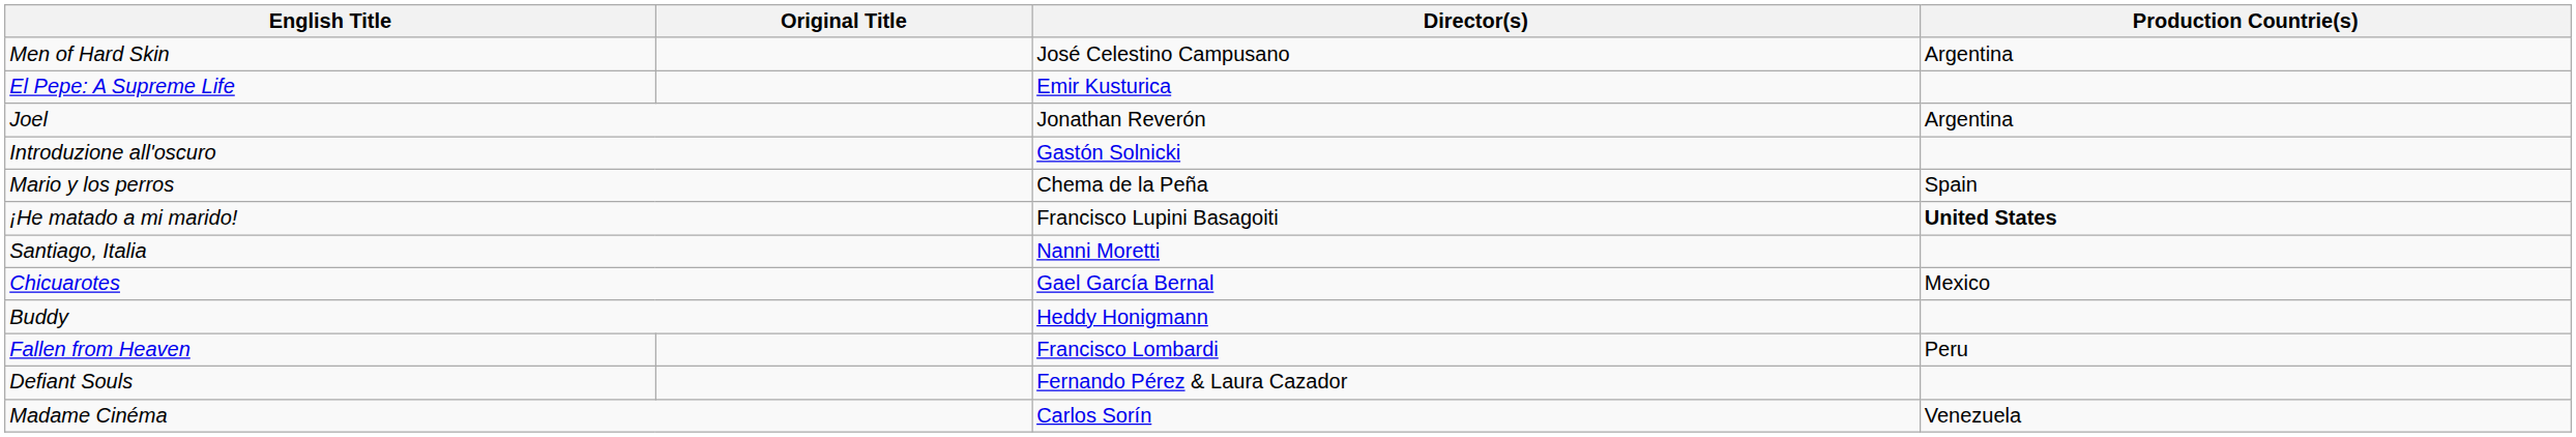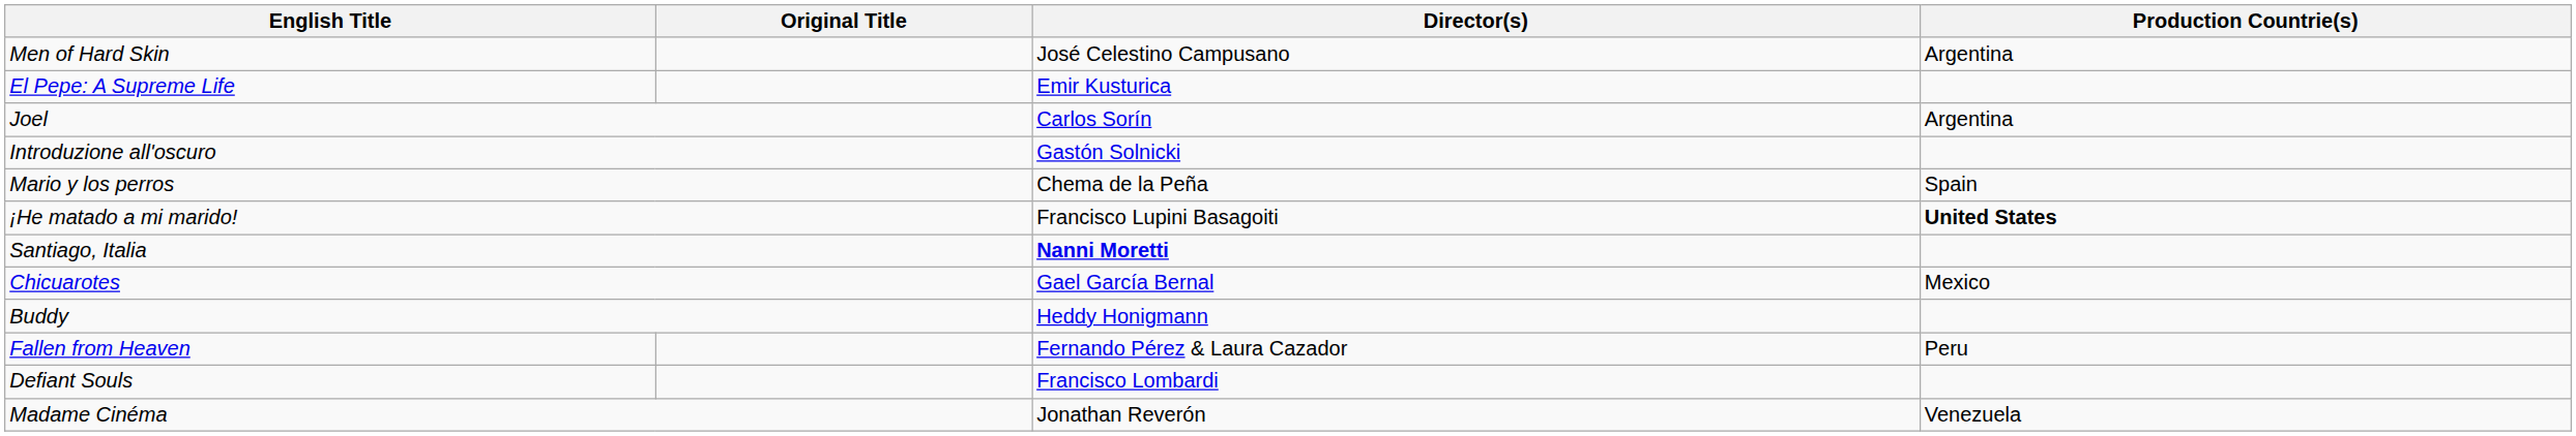 <table class="sortable wikitable" style="width:100%; margin-bottom:4px" cellpadding="5">
 <tr>
 <th scope="col">English Title</th>
 <th scope="col">Original Title</th>
 <th scope="col">Director(s)</th>
 <th scope="col">Production Countrie(s)</th>
 </tr>
 <tr>
 <td><em>Men of Hard Skin</em></td>
 <td></td>
 <td>José Celestino Campusano</td>
 <td>Argentina</td>
 </tr>
 <tr>
 <td><em><a href='#'>El Pepe: A Supreme Life</a></em></td>
 <td></td>
 <td><a href='#'>Emir Kusturica</a></td>
 <td></td>
 </tr>
 <tr>
 <td colspan = "2"><em>Joel</em></td>
-<td>Jonathan Reverón</td>
+<td><a href='#'>Carlos Sorín</a></td>
 <td>Argentina</td>
 </tr>
 <tr>
 <td colspan = "2"><em>Introduzione all'oscuro</em></td>
 <td><a href='#'>Gastón Solnicki</a></td>
 <td></td>
 </tr>
 <tr>
 <td colspan = "2"><em>Mario y los perros</em></td>
 <td>Chema de la Peña</td>
 <td>Spain</td>
 </tr>
 <tr>
 <td colspan = "2"><em>¡He matado a mi marido!</em></td>
 <td>Francisco Lupini Basagoiti</td>
 <td><strong>United States</strong></td>
 </tr>
 <tr>
 <td colspan = "2"><em>Santiago, Italia</em></td>
-<td><a href='#'>Nanni Moretti</a></td>
+<td><strong><a href='#'>Nanni Moretti</a></strong></td>
 <td></td>
 </tr>
 <tr>
 <td colspan = "2"><em><a href='#'>Chicuarotes</a></em></td>
 <td><a href='#'>Gael García Bernal</a></td>
 <td>Mexico</td>
 </tr>
 <tr>
 <td colspan = "2"><em>Buddy</em></td>
 <td><a href='#'>Heddy Honigmann</a></td>
 <td></td>
 </tr>
 <tr>
 <td><em><a href='#'>Fallen from Heaven</a></em></td>
 <td></td>
-<td><a href='#'>Francisco Lombardi</a></td>
+<td><a href='#'>Fernando Pérez</a> & Laura Cazador</td>
 <td>Peru</td>
 </tr>
 <tr>
 <td><em>Defiant Souls</em></td>
 <td></td>
-<td><a href='#'>Fernando Pérez</a> & Laura Cazador</td>
+<td><a href='#'>Francisco Lombardi</a></td>
 <td></td>
 </tr>
 <tr>
 <td colspan = "2"><em>Madame Cinéma</em></td>
-<td><a href='#'>Carlos Sorín</a></td>
+<td>Jonathan Reverón</td>
 <td>Venezuela</td>
 </tr>
 </table>
